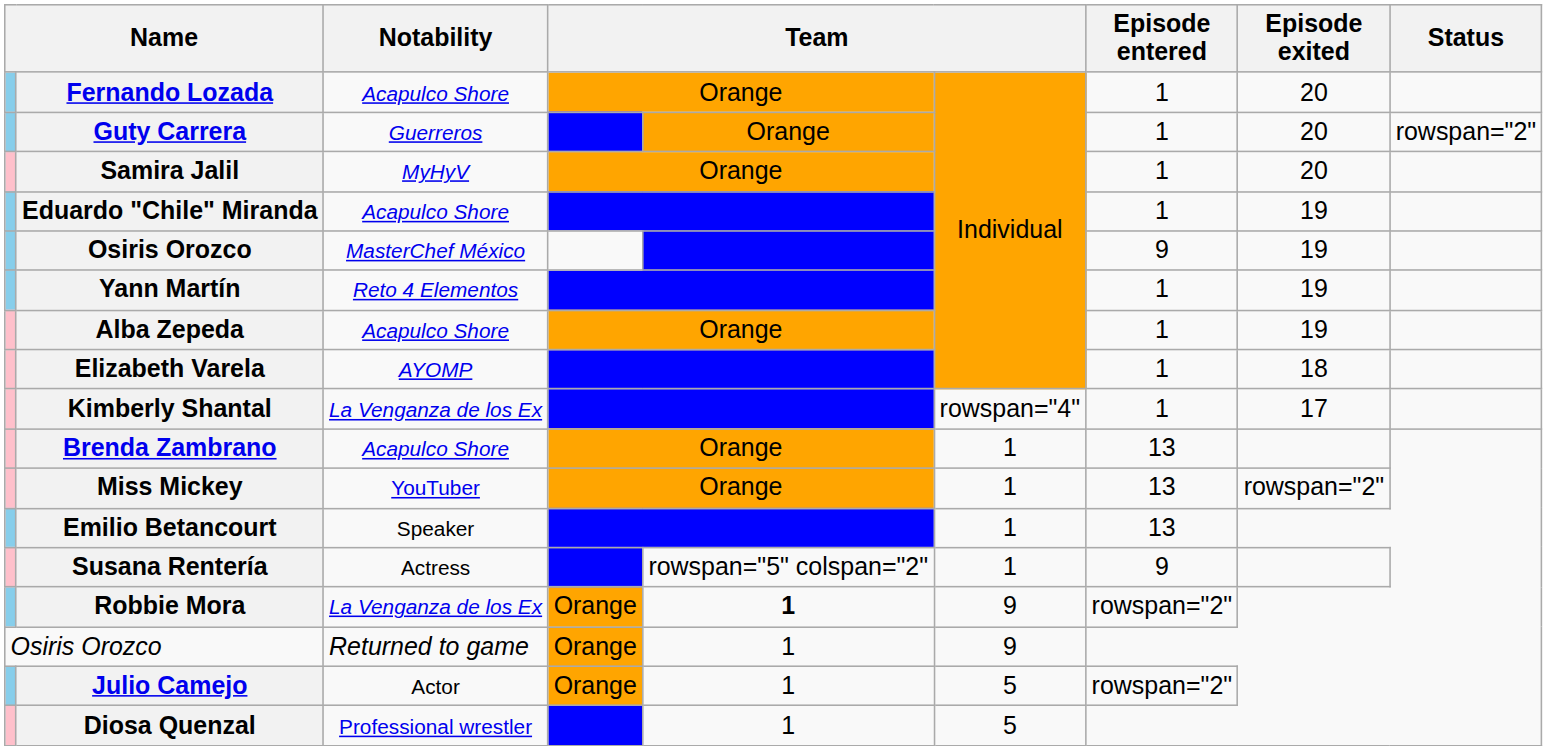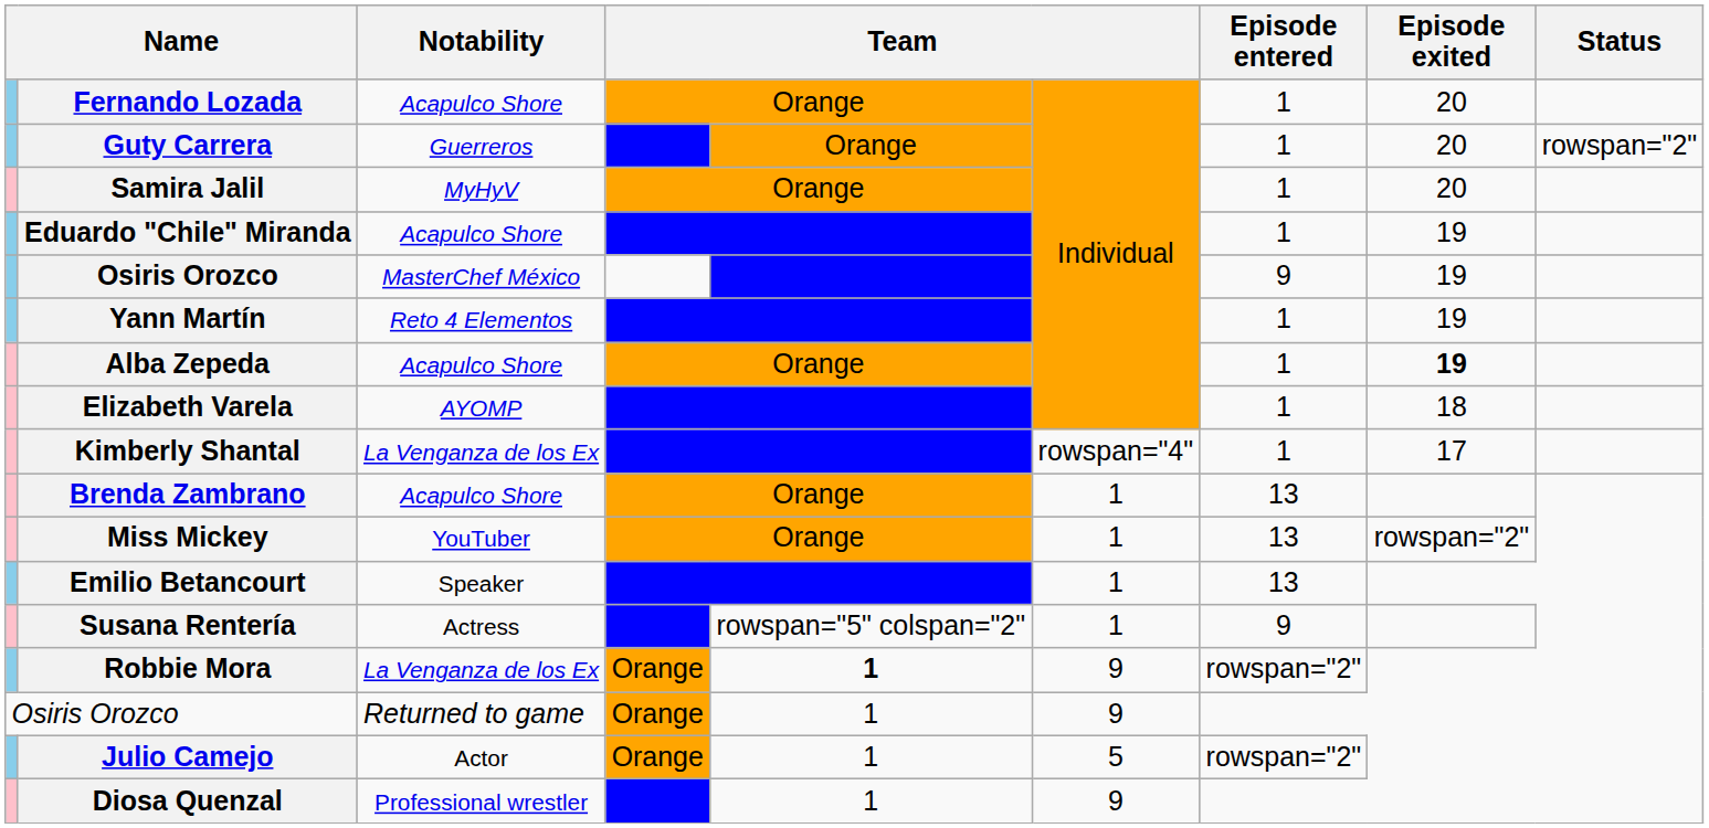 <table class="wikitable sortable" style="text-align:center;">
 <tr>
 <th class="unsortable" colspan="2">Name</th>
 <th class="unsortable">Notability</th>
 <th class="unsortable" colspan="3">Team</th>
 <th>Episode<br> entered</th>
 <th>Episode <br>exited</th>
 <th>Status</th>
 </tr>
 <tr>
 <td style="background:skyblue"></td>
 <th><strong><a href='#'>Fernando Lozada</a></strong></th>
 <td><small><em><a href='#'>Acapulco Shore</a></em></small></td>
 <td bgcolor=orange colspan="2">Orange</td>
 <td bgcolor=orange rowspan="8">Individual</td>
 <td>1</td>
 <td>20</td>
 <td></td>
 </tr>
 <tr>
 <td style="background:skyblue"></td>
 <th><strong><a href='#'>Guty Carrera</a></strong></th>
 <td><small><em><a href='#'>Guerreros</a></em></small></td>
 <td bgcolor=blue></td>
 <td bgcolor=orange>Orange</td>
 <td>1</td>
 <td>20</td>
 <td>rowspan="2" </td>
 </tr>
 <tr>
 <td style="background:pink"></td>
 <th><strong>Samira Jalil</strong></th>
 <td><small><em><a href='#'>MyHyV</a></em></small></td>
 <td colspan="2" bgcolor=orange>Orange</td>
 <td>1</td>
 <td>20</td>
 </tr>
 <tr>
 <td style="background:skyblue"></td>
 <th><strong>Eduardo "Chile" Miranda</strong></th>
 <td><small><em><a href='#'>Acapulco Shore</a></em></small></td>
 <td colspan="2" bgcolor=blue></td>
 <td>1</td>
 <td>19</td>
 <td></td>
 </tr>
 <tr>
 <td style="background:skyblue"></td>
 <th><strong>Osiris Orozco</strong></th>
 <td><small><em><a href='#'>MasterChef México</a></em></small></td>
 <td></td>
 <td bgcolor=blue></td>
 <td>9</td>
 <td>19</td>
 <td></td>
 </tr>
 <tr>
 <td style="background:skyblue"></td>
 <th><strong>Yann Martín</strong></th>
 <td><small><em><a href='#'>Reto 4 Elementos</a></em></small></td>
 <td colspan="2" bgcolor=blue></td>
 <td>1</td>
 <td>19</td>
 <td></td>
 </tr>
 <tr>
 <td style="background:pink"></td>
 <th><strong>Alba Zepeda</strong></th>
 <td><small><em><a href='#'>Acapulco Shore</a></em></small></td>
 <td colspan="2" bgcolor=orange>Orange</td>
 <td>1</td>
-<td>19</td>
+<td><strong>19</strong></td>
 <td></td>
 </tr>
 <tr>
 <td style="background:pink"></td>
 <th><strong>Elizabeth Varela</strong></th>
 <td><small><em><a href='#'>AYOMP</a></em></small></td>
 <td colspan="2" bgcolor=blue></td>
 <td>1</td>
 <td>18</td>
 <td></td>
 </tr>
 <tr>
 <td style="background:pink"></td>
 <th><strong>Kimberly Shantal</strong></th>
 <td><small><em><a href='#'>La Venganza de los Ex</a></em></small></td>
 <td colspan="2" bgcolor=blue></td>
 <td>rowspan="4" </td>
 <td>1</td>
 <td>17</td>
 <td></td>
 </tr>
 <tr>
 <td style="background:pink"></td>
 <th><strong><a href='#'>Brenda Zambrano</a></strong></th>
 <td><small><em><a href='#'>Acapulco Shore</a></em></small></td>
 <td colspan="2" bgcolor=orange>Orange</td>
 <td>1</td>
 <td>13</td>
 <td></td>
 </tr>
 <tr>
 <td style="background:pink"></td>
 <th><strong>Miss Mickey</strong></th>
 <td><small><a href='#'>YouTuber</a></small></td>
 <td colspan="2" bgcolor=orange>Orange</td>
 <td>1</td>
 <td>13</td>
 <td>rowspan="2" </td>
 </tr>
 <tr>
 <td style="background:skyblue"></td>
 <th><strong>Emilio Betancourt</strong></th>
 <td><small>Speaker</small></td>
 <td colspan="2" bgcolor=blue></td>
 <td>1</td>
 <td>13</td>
 </tr>
 <tr>
 <td style="background:pink"></td>
 <th><strong>Susana Rentería</strong></th>
 <td><small>Actress</small></td>
 <td bgcolor=blue></td>
 <td>rowspan="5" colspan="2" </td>
 <td>1</td>
 <td>9</td>
 <td></td>
 </tr>
 <tr>
 <td style="background:skyblue"></td>
 <th><strong>Robbie Mora</strong></th>
 <td><small><em><a href='#'>La Venganza de los Ex</a></em></small></td>
 <td bgcolor=orange>Orange</td>
 <td><strong>1</strong></td>
 <td>9</td>
 <td>rowspan="2" </td>
 </tr>
 <tr>
 <td colspan="2" scope="row" style="text-align:left; font-weight:normal"  style="background:lightgray;"><em>Osiris Orozco</em></td>
 <td scope="row" style="text-align:left; font-weight:normal"  style="background:lightgray;"><em>Returned to game</em></td>
 <td bgcolor=orange>Orange</td>
 <td>1</td>
 <td>9</td>
 </tr>
 <tr>
 <td style="background:skyblue"></td>
 <th><strong><a href='#'>Julio Camejo</a></strong></th>
 <td><small>Actor</small></td>
 <td bgcolor=orange>Orange</td>
 <td>1</td>
 <td>5</td>
 <td>rowspan="2" </td>
 </tr>
 <tr>
 <td style="background:pink"></td>
 <th><strong>Diosa Quenzal</strong></th>
 <td><small><a href='#'>Professional wrestler</a></small></td>
 <td bgcolor=blue></td>
 <td>1</td>
-<td>5</td>
+<td>9</td>
 </tr>
 </table>
